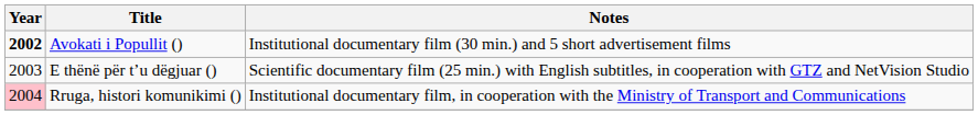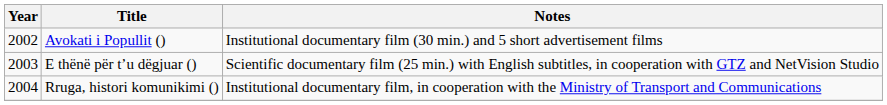 <table class="wikitable">
 <tr>
 <th>Year</th>
 <th>Title</th>
 <th>Notes</th>
 </tr>
 <tr>
-<td><strong>2002</strong></td>
+<td>2002</td>
 <td><a href='#'>Avokati i Popullit</a> ()</td>
 <td>Institutional documentary film (30 min.) and 5 short advertisement films</td>
 </tr>
 <tr>
 <td>2003</td>
 <td>E thënë për t’u dëgjuar ()</td>
 <td>Scientific documentary film (25 min.) with English subtitles, in cooperation with <a href='#'>GTZ</a> and NetVision Studio</td>
 </tr>
 <tr>
-<td style="background: pink;">2004</td>
+<td>2004</td>
 <td>Rruga, histori komunikimi ()</td>
 <td>Institutional documentary film, in cooperation with the <a href='#'>Ministry of Transport and Communications</a></td>
 </tr>
 <tr>
 </tr>
 </table>
